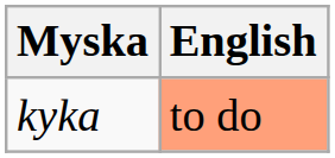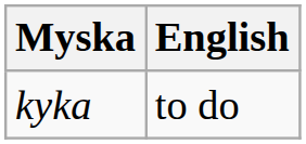 <table class="wikitable">
 <tr>
 <th>Myska</th>
 <th>English</th>
 </tr>
 <tr>
 <td><em>kyka</em></td>
-<td style="background: lightsalmon;">to do</td>
+<td>to do</td>
 </tr>
 </table>
